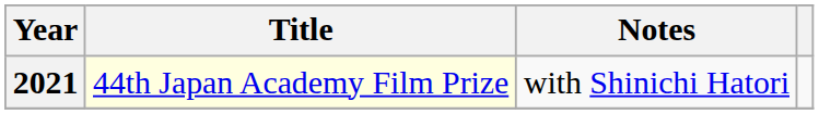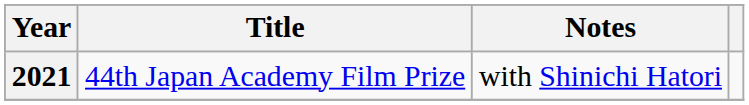 <table class="wikitable plainrowheaders">
 <tr>
 <th scope="col">Year</th>
 <th scope="col">Title</th>
 <th scope="col">Notes</th>
 <th scope="col"></th>
 </tr>
 <tr>
 <th scope="row">2021</th>
-<td style="background: lightyellow;"><a href='#'>44th Japan Academy Film Prize</a></td>
+<td><a href='#'>44th Japan Academy Film Prize</a></td>
 <td>with <a href='#'>Shinichi Hatori</a></td>
 <td></td>
 </tr>
 <tr>
 </tr>
 </table>
